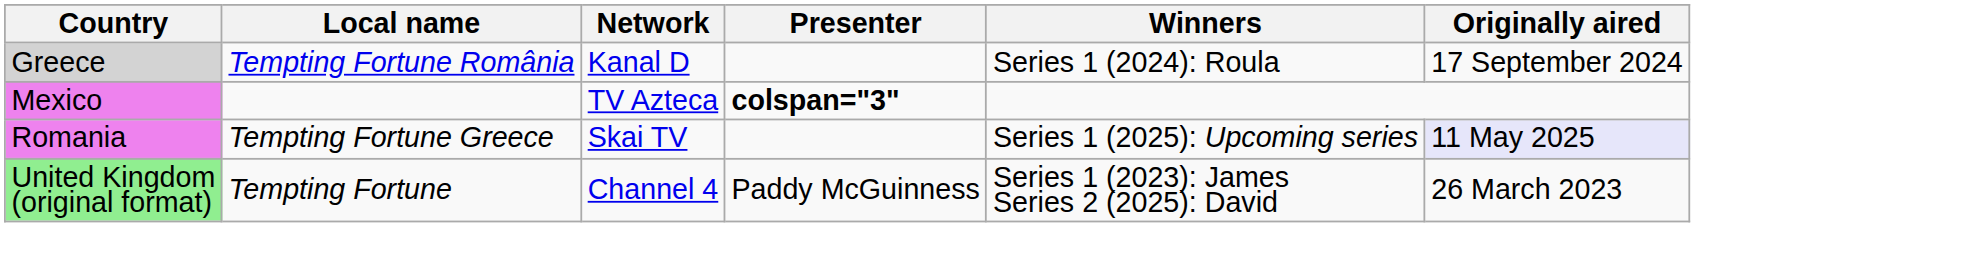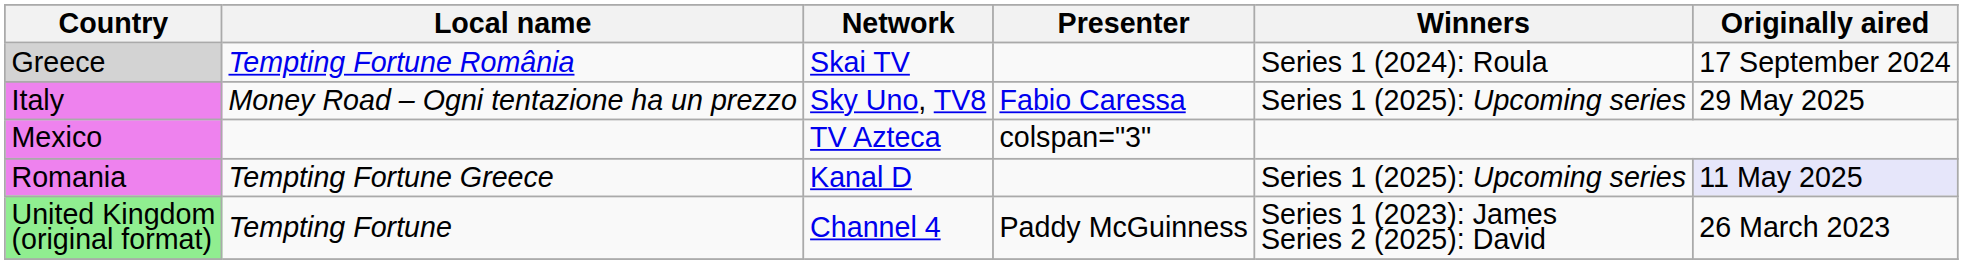 <table class="wikitable" style="line-height:14px;">
 <tr>
 <th>Country</th>
 <th>Local name</th>
 <th>Network</th>
 <th>Presenter</th>
 <th>Winners</th>
 <th>Originally aired</th>
 </tr>
 <tr>
 <td bgcolor="lightgrey">Greece</td>
 <td><em><a href='#'>Tempting Fortune România</a></em></td>
-<td><a href='#'>Kanal D</a></td>
+<td><a href='#'>Skai TV</a></td>
 <td></td>
 <td>Series 1 (2024): Roula</td>
 <td>17 September 2024</td>
 </tr>
 <tr>
+<td bgcolor="violet">Italy</td>
+<td><em>Money Road – Ogni tentazione ha un prezzo</em></td>
+<td><a href='#'>Sky Uno</a>, <a href='#'>TV8</a></td>
+<td><a href='#'>Fabio Caressa</a></td>
+<td>Series 1 (2025): <em>Upcoming series</em></td>
+<td>29 May 2025</td>
+</tr>
+<tr>
 <td bgcolor="violet">Mexico</td>
 <td></td>
 <td><a href='#'>TV Azteca</a></td>
-<td><strong>colspan="3" </strong></td>
+<td>colspan="3" </td>
 </tr>
 <tr>
 <td bgcolor="violet">Romania</td>
 <td><em>Tempting Fortune Greece</em></td>
-<td><a href='#'>Skai TV</a></td>
+<td><a href='#'>Kanal D</a></td>
 <td></td>
 <td>Series 1 (2025): <em>Upcoming series</em></td>
 <td style="background: lavender;">11 May 2025</td>
 </tr>
 <tr>
 <td bgcolor="lightgreen">United Kingdom<br>(original format)</td>
 <td><em>Tempting Fortune</em></td>
 <td><a href='#'>Channel 4</a></td>
 <td>Paddy McGuinness</td>
 <td>Series 1 (2023): James<br>Series 2 (2025): David</td>
 <td>26 March 2023</td>
 </tr>
 </table>
